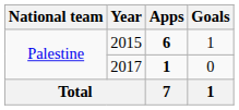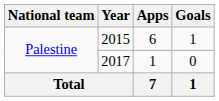 <table class=wikitable style=text-align:center>
 <tr>
 <th>National team</th>
 <th>Year</th>
 <th>Apps</th>
 <th>Goals</th>
 </tr>
 <tr>
 <td rowspan=2><a href='#'>Palestine</a></td>
 <td>2015</td>
-<td><strong>6</strong></td>
+<td>6</td>
 <td>1</td>
 </tr>
 <tr>
 <td>2017</td>
-<td><strong>1</strong></td>
+<td>1</td>
 <td>0</td>
 </tr>
 <tr>
 <th colspan=2>Total</th>
 <th>7</th>
 <th>1</th>
 </tr>
 </table>
